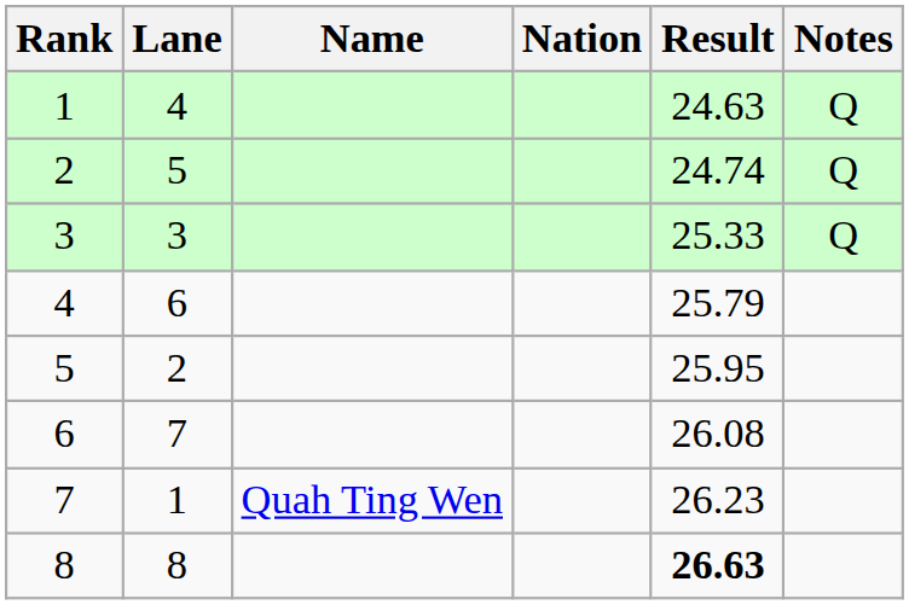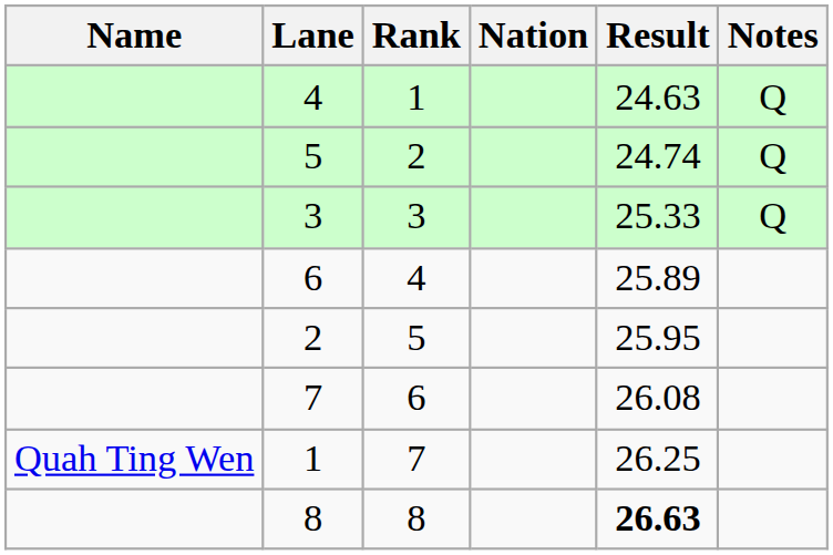 <table class="wikitable" style="text-align:center">
 <tr>
+<th>Name</th>
+<th>Lane</th>
 <th>Rank</th>
-<th>Lane</th>
-<th>Name</th>
 <th>Nation</th>
 <th>Result</th>
 <th>Notes</th>
 </tr>
 <tr bgcolor=ccffcc>
+<td align="left"></td>
+<td>4</td>
 <td>1</td>
-<td>4</td>
-<td align="left"></td>
 <td align="left"></td>
 <td>24.63</td>
 <td>Q</td>
 </tr>
 <tr bgcolor=ccffcc>
+<td align="left"></td>
+<td>5</td>
 <td>2</td>
-<td>5</td>
-<td align="left"></td>
 <td align="left"></td>
 <td>24.74</td>
 <td>Q</td>
 </tr>
 <tr bgcolor=ccffcc>
+<td align="left"></td>
 <td>3</td>
 <td>3</td>
-<td align="left"></td>
 <td align="left"></td>
 <td>25.33</td>
 <td>Q</td>
 </tr>
 <tr>
+<td align="left"></td>
+<td>6</td>
 <td>4</td>
-<td>6</td>
 <td align="left"></td>
-<td align="left"></td>
-<td>25.79</td>
+<td>25.89</td>
 <td></td>
 </tr>
 <tr>
+<td align="left"></td>
+<td>2</td>
 <td>5</td>
-<td>2</td>
-<td align="left"></td>
 <td align="left"></td>
 <td>25.95</td>
 <td></td>
 </tr>
 <tr>
+<td align="left"></td>
+<td>7</td>
 <td>6</td>
-<td>7</td>
-<td align="left"></td>
 <td align="left"></td>
 <td>26.08</td>
 <td></td>
 </tr>
 <tr>
+<td align="left"><a href='#'>Quah Ting Wen</a></td>
+<td>1</td>
 <td>7</td>
-<td>1</td>
-<td align="left"><a href='#'>Quah Ting Wen</a></td>
 <td align="left"></td>
-<td>26.23</td>
+<td>26.25</td>
 <td></td>
 </tr>
 <tr>
+<td align="left"></td>
 <td>8</td>
 <td>8</td>
-<td align="left"></td>
 <td align="left"></td>
 <td><strong>26.63</strong></td>
 <td></td>
 </tr>
 </table>
